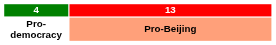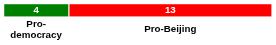 <table style="width:50%; text-align:center;">
 <tr style="color:white;">
 <td style="background:green; width:24%;"><strong>4</strong></td>
 <td style="background:red; width:76%;"><strong>13</strong></td>
 </tr>
 <tr>
 <td><span><strong>Pro-democracy</strong></span></td>
-<td style="background: lightsalmon;"><span><strong>Pro-Beijing</strong></span></td>
+<td><span><strong>Pro-Beijing</strong></span></td>
 </tr>
 </table>
